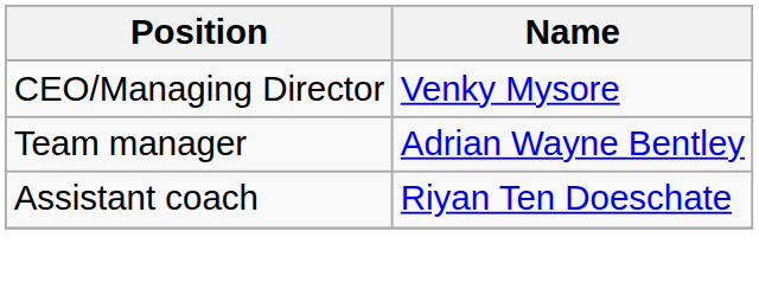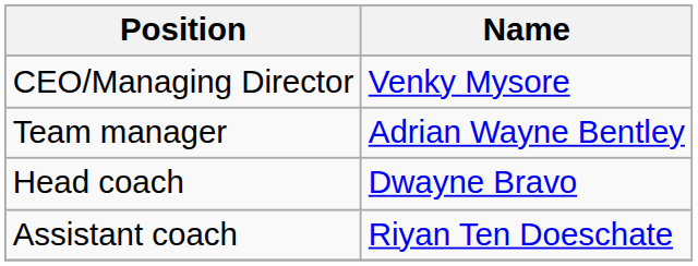 <table class="wikitable">
 <tr>
 <th>Position</th>
 <th>Name</th>
 </tr>
 <tr>
 <td>CEO/Managing Director</td>
 <td><a href='#'>Venky Mysore</a></td>
 </tr>
 <tr>
 <td>Team manager</td>
 <td><a href='#'>Adrian Wayne Bentley</a></td>
 </tr>
 <tr>
+<td>Head coach</td>
+<td><a href='#'>Dwayne Bravo</a></td>
+</tr>
+<tr>
 <td>Assistant coach</td>
 <td><a href='#'>Riyan Ten Doeschate</a></td>
 </tr>
 <tr>
 </tr>
 </table>
